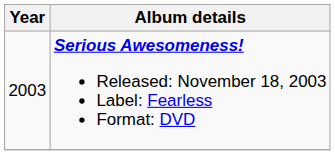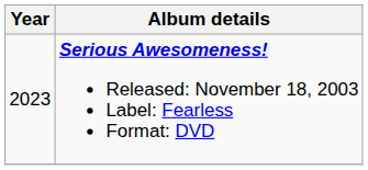 <table class="wikitable">
 <tr>
 <th>Year</th>
 <th>Album details</th>
 </tr>
 <tr>
-<td>2003</td>
+<td>2023</td>
 <td><strong><em><a href='#'>Serious Awesomeness!</a></em></strong><br><ul><li>Released: November 18, 2003</li><li>Label: <a href='#'>Fearless</a></li><li>Format: <a href='#'>DVD</a></li></ul></td>
 </tr>
 <tr>
 </tr>
 </table>
